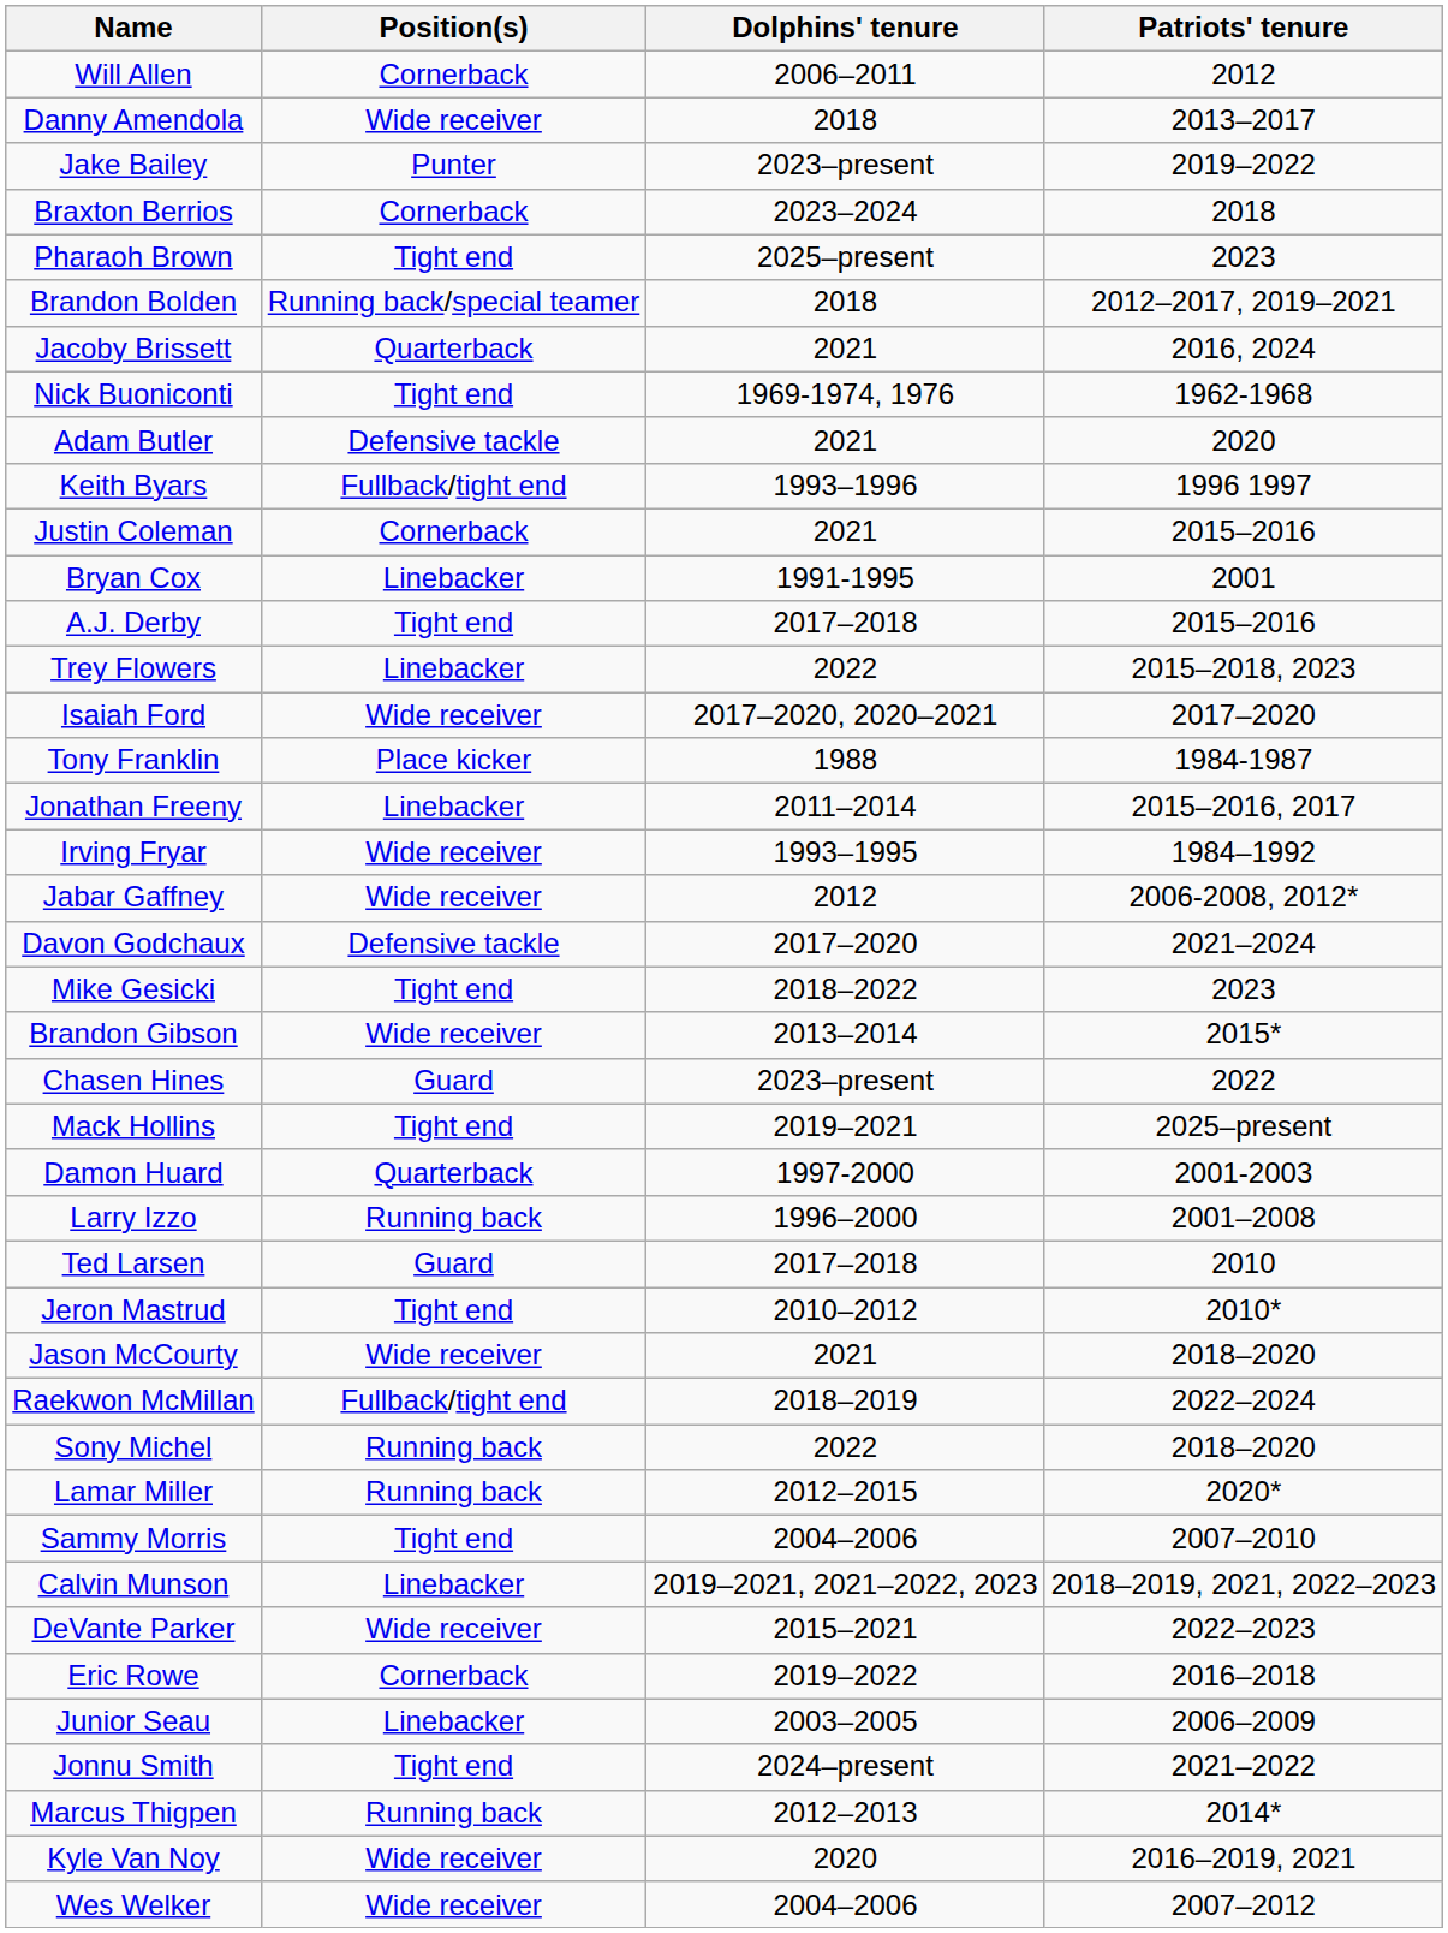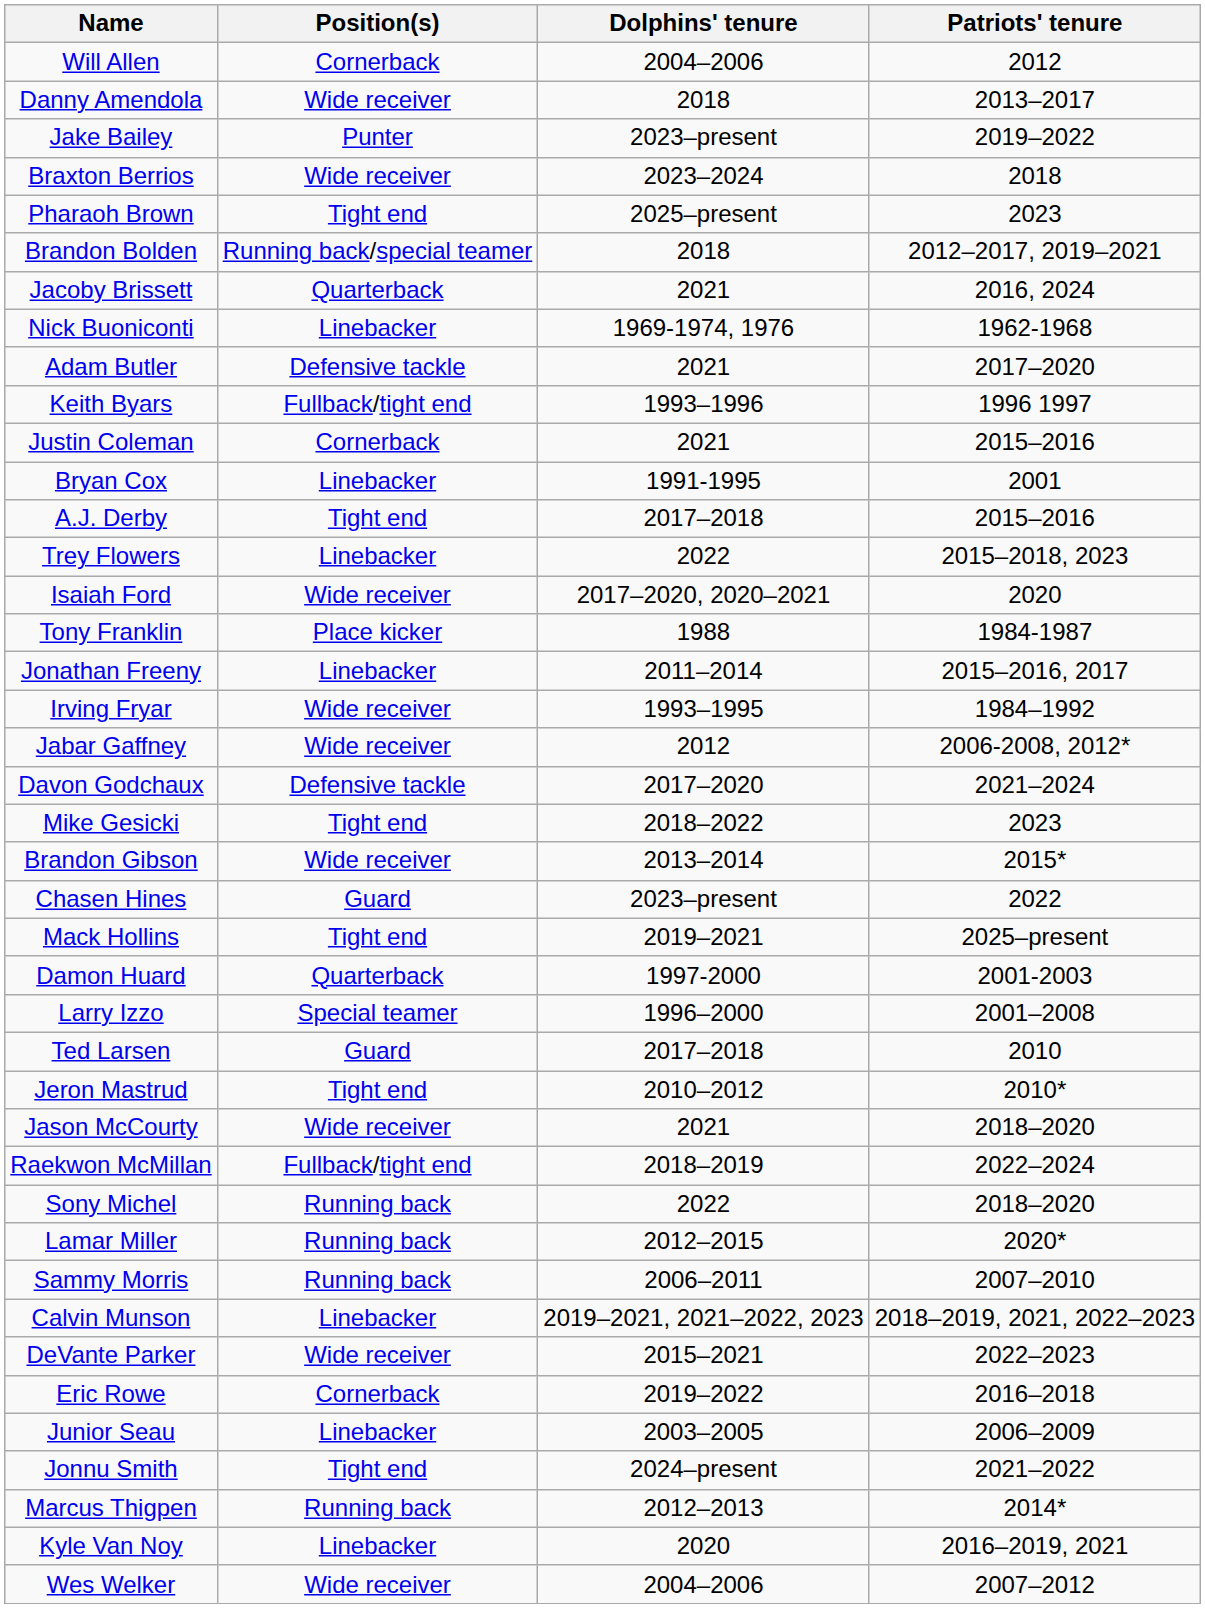 <table class="wikitable" style="text-align: center;">
 <tr>
 <th>Name</th>
 <th>Position(s)</th>
 <th>Dolphins' tenure</th>
 <th>Patriots' tenure<br></th>
 </tr>
 <tr>
 <td><a href='#'>Will Allen</a></td>
 <td><a href='#'>Cornerback</a></td>
-<td>2006–2011</td>
+<td>2004–2006</td>
 <td>2012</td>
 </tr>
 <tr>
 <td><a href='#'>Danny Amendola</a></td>
 <td><a href='#'>Wide receiver</a></td>
 <td>2018</td>
 <td>2013–2017</td>
 </tr>
 <tr>
 <td><a href='#'>Jake Bailey</a></td>
 <td><a href='#'>Punter</a></td>
 <td>2023–present</td>
 <td>2019–2022</td>
 </tr>
 <tr>
 <td><a href='#'>Braxton Berrios</a></td>
-<td><a href='#'>Cornerback</a></td>
+<td><a href='#'>Wide receiver</a></td>
 <td>2023–2024</td>
 <td>2018</td>
 </tr>
 <tr>
 <td><a href='#'>Pharaoh Brown</a></td>
 <td><a href='#'>Tight end</a></td>
 <td>2025–present</td>
 <td>2023</td>
 </tr>
 <tr>
 <td><a href='#'>Brandon Bolden</a></td>
 <td><a href='#'>Running back</a>/<a href='#'>special teamer</a></td>
 <td>2018</td>
 <td>2012–2017, 2019–2021</td>
 </tr>
 <tr>
 <td><a href='#'>Jacoby Brissett</a></td>
 <td><a href='#'>Quarterback</a></td>
 <td>2021</td>
 <td>2016, 2024</td>
 </tr>
 <tr>
 <td><a href='#'>Nick Buoniconti</a></td>
-<td><a href='#'>Tight end</a></td>
+<td><a href='#'>Linebacker</a></td>
 <td>1969-1974, 1976</td>
 <td>1962-1968</td>
 </tr>
 <tr>
 <td><a href='#'>Adam Butler</a></td>
 <td><a href='#'>Defensive tackle</a></td>
 <td>2021</td>
-<td>2020</td>
+<td>2017–2020</td>
 </tr>
 <tr>
 <td><a href='#'>Keith Byars</a></td>
 <td><a href='#'>Fullback</a>/<a href='#'>tight end</a></td>
 <td>1993–1996</td>
 <td>1996 1997</td>
 </tr>
 <tr>
 <td><a href='#'>Justin Coleman</a></td>
 <td><a href='#'>Cornerback</a></td>
 <td>2021</td>
 <td>2015–2016</td>
 </tr>
 <tr>
 <td><a href='#'>Bryan Cox</a></td>
 <td><a href='#'>Linebacker</a></td>
 <td>1991-1995</td>
 <td>2001</td>
 </tr>
 <tr>
 <td><a href='#'>A.J. Derby</a></td>
 <td><a href='#'>Tight end</a></td>
 <td>2017–2018</td>
 <td>2015–2016</td>
 </tr>
 <tr>
 <td><a href='#'>Trey Flowers</a></td>
 <td><a href='#'>Linebacker</a></td>
 <td>2022</td>
 <td>2015–2018, 2023</td>
 </tr>
 <tr>
 <td><a href='#'>Isaiah Ford</a></td>
 <td><a href='#'>Wide receiver</a></td>
 <td>2017–2020, 2020–2021</td>
-<td>2017–2020</td>
+<td>2020</td>
 </tr>
 <tr>
 <td><a href='#'>Tony Franklin</a></td>
 <td><a href='#'>Place kicker</a></td>
 <td>1988</td>
 <td>1984-1987</td>
 </tr>
 <tr>
 <td><a href='#'>Jonathan Freeny</a></td>
 <td><a href='#'>Linebacker</a></td>
 <td>2011–2014</td>
 <td>2015–2016, 2017</td>
 </tr>
 <tr>
 <td><a href='#'>Irving Fryar</a></td>
 <td><a href='#'>Wide receiver</a></td>
 <td>1993–1995</td>
 <td>1984–1992</td>
 </tr>
 <tr>
 <td><a href='#'>Jabar Gaffney</a></td>
 <td><a href='#'>Wide receiver</a></td>
 <td>2012</td>
 <td>2006-2008, 2012*</td>
 </tr>
 <tr>
 <td><a href='#'>Davon Godchaux</a></td>
 <td><a href='#'>Defensive tackle</a></td>
 <td>2017–2020</td>
 <td>2021–2024</td>
 </tr>
 <tr>
 <td><a href='#'>Mike Gesicki</a></td>
 <td><a href='#'>Tight end</a></td>
 <td>2018–2022</td>
 <td>2023</td>
 </tr>
 <tr>
 <td><a href='#'>Brandon Gibson</a></td>
 <td><a href='#'>Wide receiver</a></td>
 <td>2013–2014</td>
 <td>2015*</td>
 </tr>
 <tr>
 <td><a href='#'>Chasen Hines</a></td>
 <td><a href='#'>Guard</a></td>
 <td>2023–present</td>
 <td>2022</td>
 </tr>
 <tr>
 <td><a href='#'>Mack Hollins</a></td>
 <td><a href='#'>Tight end</a></td>
 <td>2019–2021</td>
 <td>2025–present</td>
 </tr>
 <tr>
 <td><a href='#'>Damon Huard</a></td>
 <td><a href='#'>Quarterback</a></td>
 <td>1997-2000</td>
 <td>2001-2003</td>
 </tr>
 <tr>
 <td><a href='#'>Larry Izzo</a></td>
-<td><a href='#'>Running back</a></td>
+<td><a href='#'>Special teamer</a></td>
 <td>1996–2000</td>
 <td>2001–2008</td>
 </tr>
 <tr>
 <td><a href='#'>Ted Larsen</a></td>
 <td><a href='#'>Guard</a></td>
 <td>2017–2018</td>
 <td>2010</td>
 </tr>
 <tr>
 <td><a href='#'>Jeron Mastrud</a></td>
 <td><a href='#'>Tight end</a></td>
 <td>2010–2012</td>
 <td>2010*</td>
 </tr>
 <tr>
 <td><a href='#'>Jason McCourty</a></td>
 <td><a href='#'>Wide receiver</a></td>
 <td>2021</td>
 <td>2018–2020</td>
 </tr>
 <tr>
 <td><a href='#'>Raekwon McMillan</a></td>
 <td><a href='#'>Fullback</a>/<a href='#'>tight end</a></td>
 <td>2018–2019</td>
 <td>2022–2024</td>
 </tr>
 <tr>
 <td><a href='#'>Sony Michel</a></td>
 <td><a href='#'>Running back</a></td>
 <td>2022</td>
 <td>2018–2020</td>
 </tr>
 <tr>
 <td><a href='#'>Lamar Miller</a></td>
 <td><a href='#'>Running back</a></td>
 <td>2012–2015</td>
 <td>2020*</td>
 </tr>
 <tr>
 <td><a href='#'>Sammy Morris</a></td>
-<td><a href='#'>Tight end</a></td>
-<td>2004–2006</td>
+<td><a href='#'>Running back</a></td>
+<td>2006–2011</td>
 <td>2007–2010</td>
 </tr>
 <tr>
 <td><a href='#'>Calvin Munson</a></td>
 <td><a href='#'>Linebacker</a></td>
 <td>2019–2021, 2021–2022, 2023</td>
 <td>2018–2019, 2021, 2022–2023</td>
 </tr>
 <tr>
 <td><a href='#'>DeVante Parker</a></td>
 <td><a href='#'>Wide receiver</a></td>
 <td>2015–2021</td>
 <td>2022–2023</td>
 </tr>
 <tr>
 <td><a href='#'>Eric Rowe</a></td>
 <td><a href='#'>Cornerback</a></td>
 <td>2019–2022</td>
 <td>2016–2018</td>
 </tr>
 <tr>
 <td><a href='#'>Junior Seau</a></td>
 <td><a href='#'>Linebacker</a></td>
 <td>2003–2005</td>
 <td>2006–2009</td>
 </tr>
 <tr>
 <td><a href='#'>Jonnu Smith</a></td>
 <td><a href='#'>Tight end</a></td>
 <td>2024–present</td>
 <td>2021–2022</td>
 </tr>
 <tr>
 <td><a href='#'>Marcus Thigpen</a></td>
 <td><a href='#'>Running back</a></td>
 <td>2012–2013</td>
 <td>2014*</td>
 </tr>
 <tr>
 <td><a href='#'>Kyle Van Noy</a></td>
-<td><a href='#'>Wide receiver</a></td>
+<td><a href='#'>Linebacker</a></td>
 <td>2020</td>
 <td>2016–2019, 2021</td>
 </tr>
 <tr>
 <td><a href='#'>Wes Welker</a></td>
 <td><a href='#'>Wide receiver</a></td>
 <td>2004–2006</td>
 <td>2007–2012</td>
 </tr>
 </table>
